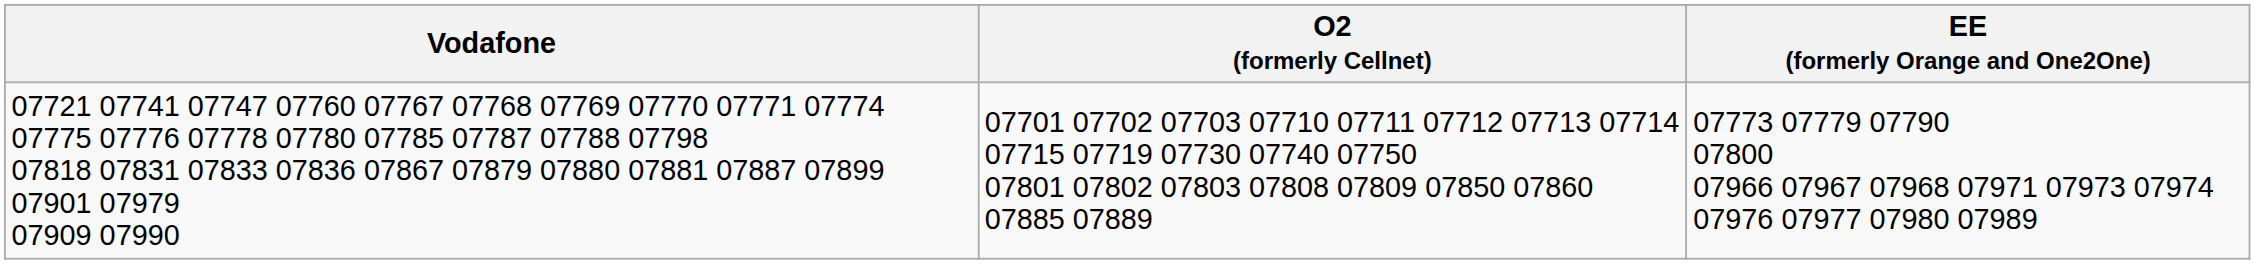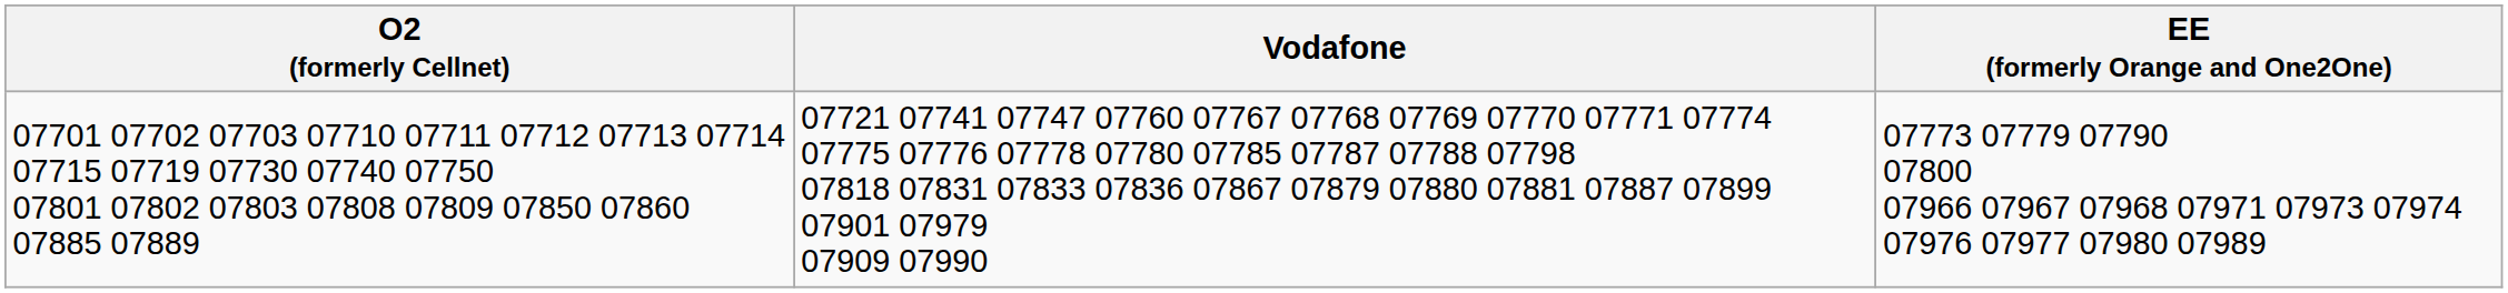 <table class="wikitable">
 <tr>
+<th>O2<br><small>(formerly Cellnet)</small></th>
 <th>Vodafone</th>
-<th>O2<br><small>(formerly Cellnet)</small></th>
 <th>EE<br><small>(formerly Orange and One2One)</small></th>
 </tr>
 <tr>
+<td>07701 07702 07703 07710 07711 07712 07713 07714 07715 07719 07730 07740 07750<br>07801 07802 07803 07808 07809 07850 07860 07885 07889</td>
 <td>07721 07741 07747 07760 07767 07768 07769 07770 07771 07774 07775 07776 07778 07780 07785 07787 07788 07798<br>07818 07831 07833 07836 07867 07879 07880 07881 07887 07899 07901 07979<br>07909 07990</td>
-<td>07701 07702 07703 07710 07711 07712 07713 07714 07715 07719 07730 07740 07750<br>07801 07802 07803 07808 07809 07850 07860 07885 07889</td>
 <td>07773 07779 07790<br>07800<br>07966 07967 07968 07971 07973 07974 07976 07977 07980 07989</td>
 </tr>
 </table>
